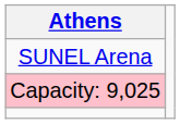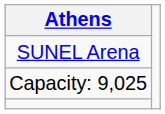 <table class="wikitable" style="text-align:center; margin:1em auto;">
 <tr>
 <th><a href='#'>Athens</a></th>
 <td rowspan="4"></td>
 </tr>
 <tr>
 <td><a href='#'>SUNEL Arena</a></td>
 </tr>
 <tr>
-<td style="background: pink;">Capacity: 9,025</td>
+<td>Capacity: 9,025</td>
 </tr>
 <tr>
 <td></td>
 </tr>
 </table>
